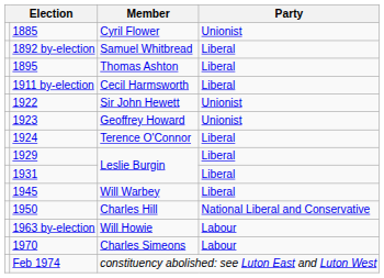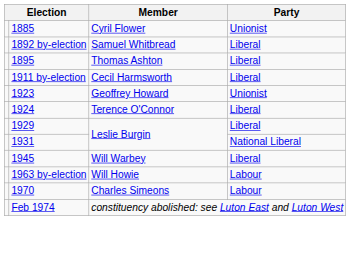 <table class="wikitable">
 <tr>
 <th colspan="2">Election</th>
 <th>Member</th>
 <th>Party</th>
 </tr>
 <tr>
 <td style="color:inherit;background-color: "></td>
 <td><a href='#'>1885</a></td>
 <td><a href='#'>Cyril Flower</a></td>
 <td><a href='#'>Unionist</a></td>
 </tr>
 <tr>
 <td style="color:inherit;background-color: "></td>
 <td><a href='#'>1892 by-election</a></td>
 <td><a href='#'>Samuel Whitbread</a></td>
 <td><a href='#'>Liberal</a></td>
 </tr>
 <tr>
 <td style="color:inherit;background-color: "></td>
 <td><a href='#'>1895</a></td>
 <td><a href='#'>Thomas Ashton</a></td>
 <td><a href='#'>Liberal</a></td>
 </tr>
 <tr>
 <td style="color:inherit;background-color: "></td>
 <td><a href='#'>1911 by-election</a></td>
 <td><a href='#'>Cecil Harmsworth</a></td>
 <td><a href='#'>Liberal</a></td>
 </tr>
 <tr>
 <td style="color:inherit;background-color: "></td>
-<td><a href='#'>1922</a></td>
-<td><a href='#'>Sir John Hewett</a></td>
-<td><a href='#'>Unionist</a></td>
-</tr>
-<tr>
-<td style="color:inherit;background-color: "></td>
 <td><a href='#'>1923</a></td>
 <td><a href='#'>Geoffrey Howard</a></td>
 <td><a href='#'>Unionist</a></td>
 </tr>
 <tr>
 <td style="color:inherit;background-color: "></td>
 <td><a href='#'>1924</a></td>
 <td><a href='#'>Terence O'Connor</a></td>
 <td><a href='#'>Liberal</a></td>
 </tr>
 <tr>
 <td style="color:inherit;background-color: "></td>
 <td><a href='#'>1929</a></td>
 <td rowspan="2"><a href='#'>Leslie Burgin</a></td>
 <td><a href='#'>Liberal</a></td>
 </tr>
 <tr>
 <td style="color:inherit;background-color: "></td>
 <td><a href='#'>1931</a></td>
-<td><a href='#'>Liberal</a></td>
+<td><a href='#'>National Liberal</a></td>
 </tr>
 <tr>
 <td style="color:inherit;background-color: "></td>
 <td><a href='#'>1945</a></td>
 <td><a href='#'>Will Warbey</a></td>
 <td><a href='#'>Liberal</a></td>
-</tr>
-<tr>
-<td style="color:inherit;background-color: "></td>
-<td><a href='#'>1950</a></td>
-<td><a href='#'>Charles Hill</a></td>
-<td><a href='#'>National Liberal and Conservative</a></td>
 </tr>
 <tr>
 <td style="color:inherit;background-color: "></td>
 <td><a href='#'>1963 by-election</a></td>
 <td><a href='#'>Will Howie</a></td>
 <td><a href='#'>Labour</a></td>
 </tr>
 <tr>
 <td style="color:inherit;background-color: "></td>
 <td><a href='#'>1970</a></td>
 <td><a href='#'>Charles Simeons</a></td>
 <td><a href='#'>Labour</a></td>
 </tr>
 <tr>
 <td></td>
 <td><a href='#'>Feb 1974</a></td>
 <td colspan="2"><em>constituency abolished: see <a href='#'>Luton East</a> and <a href='#'>Luton West</a></em></td>
 </tr>
 </table>
